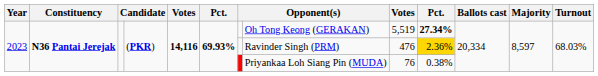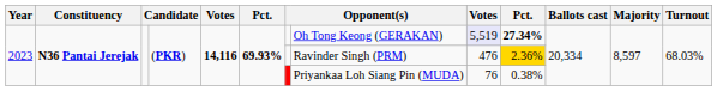 <table class="wikitable" style="margin:0.5em ; font-size:95%">
 <tr>
 <th>Year</th>
 <th>Constituency</th>
 <th colspan="2">Candidate</th>
 <th>Votes</th>
 <th>Pct.</th>
 <th colspan="2">Opponent(s)</th>
 <th>Votes</th>
 <th>Pct.</th>
 <th>Ballots cast</th>
 <th>Majority</th>
 <th>Turnout</th>
 </tr>
 <tr>
 <td rowspan="3"><a href='#'>2023</a></td>
 <td rowspan="3"><strong>N36 <a href='#'>Pantai Jerejak</a></strong></td>
 <td rowspan="3" ></td>
 <td rowspan="3"> (<a href='#'><strong>PKR</strong></a>)</td>
 <td rowspan="3" align=right><strong>14,116</strong></td>
 <td rowspan="3"><strong>69.93%</strong></td>
 <td bgcolor=></td>
 <td><a href='#'>Oh Tong Keong</a> (<a href='#'>GERAKAN</a>)</td>
-<td align=right>5,519</td>
+<td align=right style="background: lavender;">5,519</td>
 <td><strong>27.34%</strong></td>
 <td rowspan="3">20,334</td>
 <td rowspan="3">8,597</td>
 <td rowspan="3">68.03%</td>
 </tr>
 <tr>
 <td bgcolor=></td>
 <td>Ravinder Singh (<a href='#'>PRM</a>)</td>
 <td align=right>476</td>
 <td align=right style="background: gold;">2.36%</td>
 </tr>
 <tr>
 <td bgcolor= red></td>
 <td>Priyankaa Loh Siang Pin (<a href='#'>MUDA</a>)</td>
 <td align=right>76</td>
 <td align=right>0.38%</td>
 </tr>
 </table>
